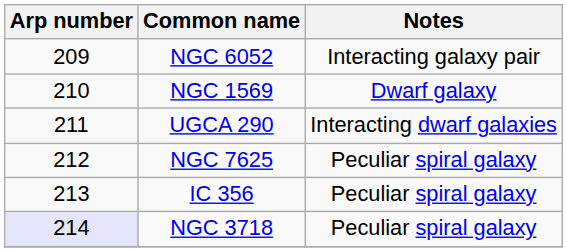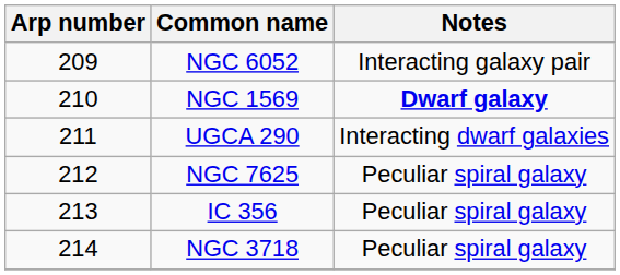 <table class="wikitable" style="text-align:center;">
 <tr>
 <th>Arp number</th>
 <th>Common name</th>
 <th>Notes</th>
 </tr>
 <tr>
 <td>209</td>
 <td><a href='#'>NGC 6052</a></td>
 <td>Interacting galaxy pair</td>
 </tr>
 <tr>
 <td>210</td>
 <td><a href='#'>NGC 1569</a></td>
-<td><a href='#'>Dwarf galaxy</a></td>
+<td><strong><a href='#'>Dwarf galaxy</a></strong></td>
 </tr>
 <tr>
 <td>211</td>
 <td><a href='#'>UGCA 290</a></td>
 <td>Interacting <a href='#'>dwarf galaxies</a></td>
 </tr>
 <tr>
 <td>212</td>
 <td><a href='#'>NGC 7625</a></td>
 <td>Peculiar <a href='#'>spiral galaxy</a></td>
 </tr>
 <tr>
 <td>213</td>
 <td><a href='#'>IC 356</a></td>
 <td>Peculiar <a href='#'>spiral galaxy</a></td>
 </tr>
 <tr>
-<td style="background: lavender;">214</td>
+<td>214</td>
 <td><a href='#'>NGC 3718</a></td>
 <td>Peculiar <a href='#'>spiral galaxy</a></td>
 </tr>
 <tr>
 </tr>
 </table>
